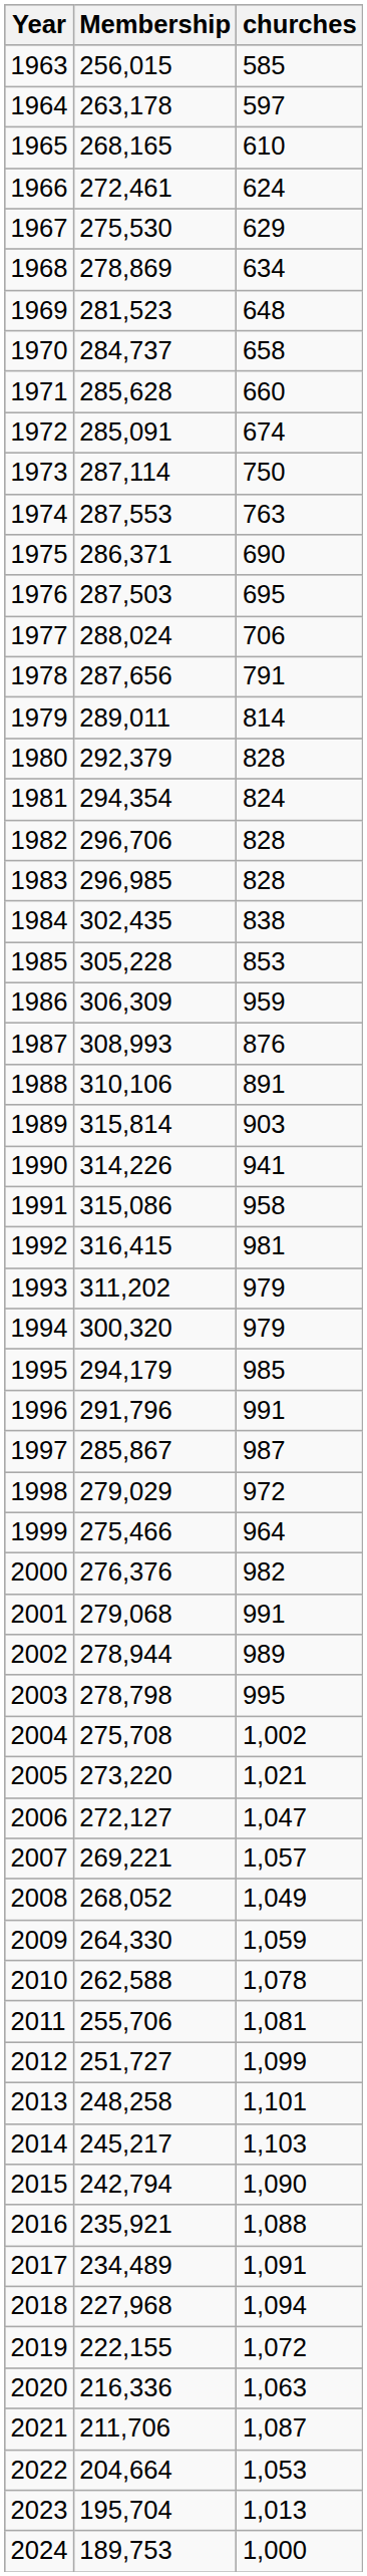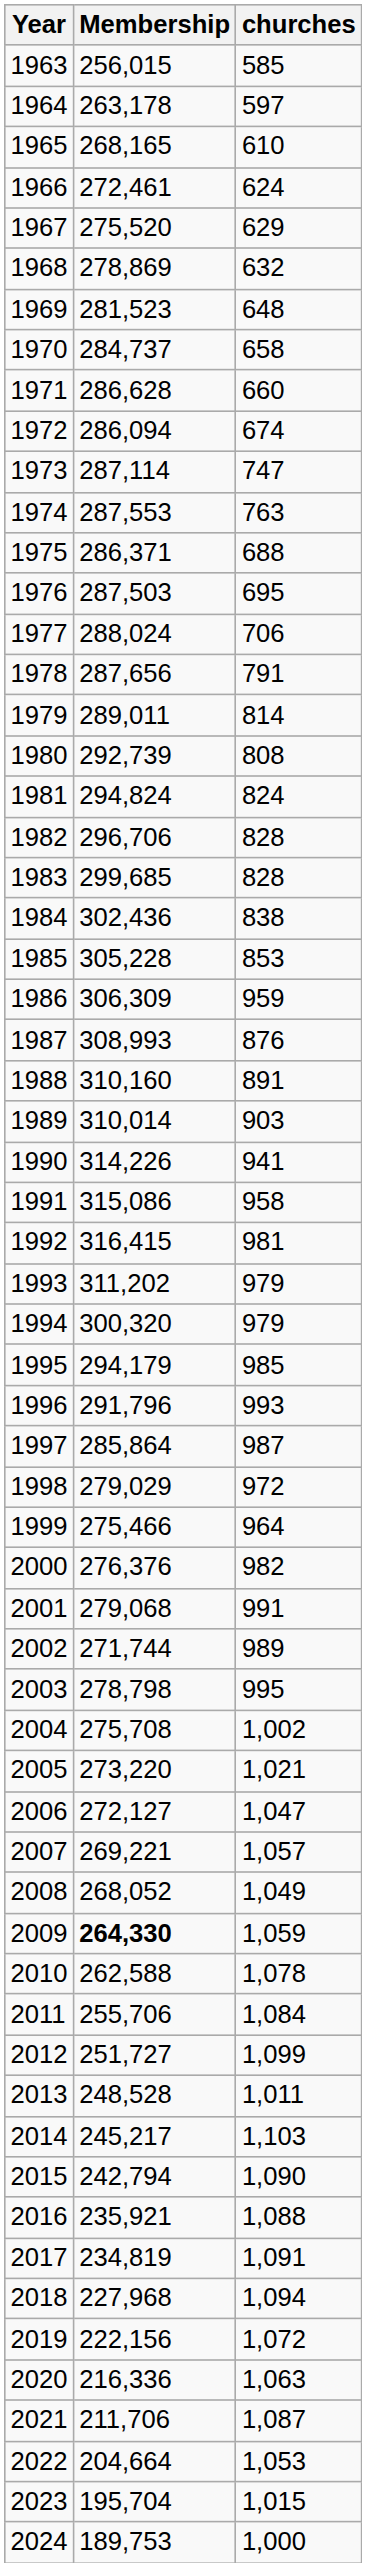 <table class="wikitable" style="margin:auto auto auto auto; front-size:95%; float:right;">
 <tr>
 <th>Year</th>
 <th>Membership</th>
 <th>churches</th>
 </tr>
 <tr>
 <td>1963</td>
 <td>256,015</td>
 <td>585</td>
 </tr>
 <tr>
 <td>1964</td>
 <td>263,178</td>
 <td>597</td>
 </tr>
 <tr>
 <td>1965</td>
 <td>268,165</td>
 <td>610</td>
 </tr>
 <tr>
 <td>1966</td>
 <td>272,461</td>
 <td>624</td>
 </tr>
 <tr>
 <td>1967</td>
-<td>275,530</td>
+<td>275,520</td>
 <td>629</td>
 </tr>
 <tr>
 <td>1968</td>
 <td>278,869</td>
-<td>634</td>
+<td>632</td>
 </tr>
 <tr>
 <td>1969</td>
 <td>281,523</td>
 <td>648</td>
 </tr>
 <tr>
 <td>1970</td>
 <td>284,737</td>
 <td>658</td>
 </tr>
 <tr>
 <td>1971</td>
-<td>285,628</td>
+<td>286,628</td>
 <td>660</td>
 </tr>
 <tr>
 <td>1972</td>
-<td>285,091</td>
+<td>286,094</td>
 <td>674</td>
 </tr>
 <tr>
 <td>1973</td>
 <td>287,114</td>
-<td>750</td>
+<td>747</td>
 </tr>
 <tr>
 <td>1974</td>
 <td>287,553</td>
 <td>763</td>
 </tr>
 <tr>
 <td>1975</td>
 <td>286,371</td>
-<td>690</td>
+<td>688</td>
 </tr>
 <tr>
 <td>1976</td>
 <td>287,503</td>
 <td>695</td>
 </tr>
 <tr>
 <td>1977</td>
 <td>288,024</td>
 <td>706</td>
 </tr>
 <tr>
 <td>1978</td>
 <td>287,656</td>
 <td>791</td>
 </tr>
 <tr>
 <td>1979</td>
 <td>289,011</td>
 <td>814</td>
 </tr>
 <tr>
 <td>1980</td>
-<td>292,379</td>
-<td>828</td>
+<td>292,739</td>
+<td>808</td>
 </tr>
 <tr>
 <td>1981</td>
-<td>294,354</td>
+<td>294,824</td>
 <td>824</td>
 </tr>
 <tr>
 <td>1982</td>
 <td>296,706</td>
 <td>828</td>
 </tr>
 <tr>
 <td>1983</td>
-<td>296,985</td>
+<td>299,685</td>
 <td>828</td>
 </tr>
 <tr>
 <td>1984</td>
-<td>302,435</td>
+<td>302,436</td>
 <td>838</td>
 </tr>
 <tr>
 <td>1985</td>
 <td>305,228</td>
 <td>853</td>
 </tr>
 <tr>
 <td>1986</td>
 <td>306,309</td>
 <td>959</td>
 </tr>
 <tr>
 <td>1987</td>
 <td>308,993</td>
 <td>876</td>
 </tr>
 <tr>
 <td>1988</td>
-<td>310,106</td>
+<td>310,160</td>
 <td>891</td>
 </tr>
 <tr>
 <td>1989</td>
-<td>315,814</td>
+<td>310,014</td>
 <td>903</td>
 </tr>
 <tr>
 <td>1990</td>
 <td>314,226</td>
 <td>941</td>
 </tr>
 <tr>
 <td>1991</td>
 <td>315,086</td>
 <td>958</td>
 </tr>
 <tr>
 <td>1992</td>
 <td>316,415</td>
 <td>981</td>
 </tr>
 <tr>
 <td>1993</td>
 <td>311,202</td>
 <td>979</td>
 </tr>
 <tr>
 <td>1994</td>
 <td>300,320</td>
 <td>979</td>
 </tr>
 <tr>
 <td>1995</td>
 <td>294,179</td>
 <td>985</td>
 </tr>
 <tr>
 <td>1996</td>
 <td>291,796</td>
-<td>991</td>
+<td>993</td>
 </tr>
 <tr>
 <td>1997</td>
-<td>285,867</td>
+<td>285,864</td>
 <td>987</td>
 </tr>
 <tr>
 <td>1998</td>
 <td>279,029</td>
 <td>972</td>
 </tr>
 <tr>
 <td>1999</td>
 <td>275,466</td>
 <td>964</td>
 </tr>
 <tr>
 <td>2000</td>
 <td>276,376</td>
 <td>982</td>
 </tr>
 <tr>
 <td>2001</td>
 <td>279,068</td>
 <td>991</td>
 </tr>
 <tr>
 <td>2002</td>
-<td>278,944</td>
+<td>271,744</td>
 <td>989</td>
 </tr>
 <tr>
 <td>2003</td>
 <td>278,798</td>
 <td>995</td>
 </tr>
 <tr>
 <td>2004</td>
 <td>275,708</td>
 <td>1,002</td>
 </tr>
 <tr>
 <td>2005</td>
 <td>273,220</td>
 <td>1,021</td>
 </tr>
 <tr>
 <td>2006</td>
 <td>272,127</td>
 <td>1,047</td>
 </tr>
 <tr>
 <td>2007</td>
 <td>269,221</td>
 <td>1,057</td>
 </tr>
 <tr>
 <td>2008</td>
 <td>268,052</td>
 <td>1,049</td>
 </tr>
 <tr>
 <td>2009</td>
-<td>264,330</td>
+<td><strong>264,330</strong></td>
 <td>1,059</td>
 </tr>
 <tr>
 <td>2010</td>
 <td>262,588</td>
 <td>1,078</td>
 </tr>
 <tr>
 <td>2011</td>
 <td>255,706</td>
-<td>1,081</td>
+<td>1,084</td>
 </tr>
 <tr>
 <td>2012</td>
 <td>251,727</td>
 <td>1,099</td>
 </tr>
 <tr>
 <td>2013</td>
-<td>248,258</td>
-<td>1,101</td>
+<td>248,528</td>
+<td>1,011</td>
 </tr>
 <tr>
 <td>2014</td>
 <td>245,217</td>
 <td>1,103</td>
 </tr>
 <tr>
 <td>2015</td>
 <td>242,794</td>
 <td>1,090</td>
 </tr>
 <tr>
 <td>2016</td>
 <td>235,921</td>
 <td>1,088</td>
 </tr>
 <tr>
 <td>2017</td>
-<td>234,489</td>
+<td>234,819</td>
 <td>1,091</td>
 </tr>
 <tr>
 <td>2018</td>
 <td>227,968</td>
 <td>1,094</td>
 </tr>
 <tr>
 <td>2019</td>
-<td>222,155</td>
+<td>222,156</td>
 <td>1,072</td>
 </tr>
 <tr>
 <td>2020</td>
 <td>216,336</td>
 <td>1,063</td>
 </tr>
 <tr>
 <td>2021</td>
 <td>211,706</td>
 <td>1,087</td>
 </tr>
 <tr>
 <td>2022</td>
 <td>204,664</td>
 <td>1,053</td>
 </tr>
 <tr>
 <td>2023</td>
 <td>195,704</td>
-<td>1,013</td>
+<td>1,015</td>
 </tr>
 <tr>
 <td>2024</td>
 <td>189,753</td>
 <td>1,000</td>
 </tr>
 </table>
